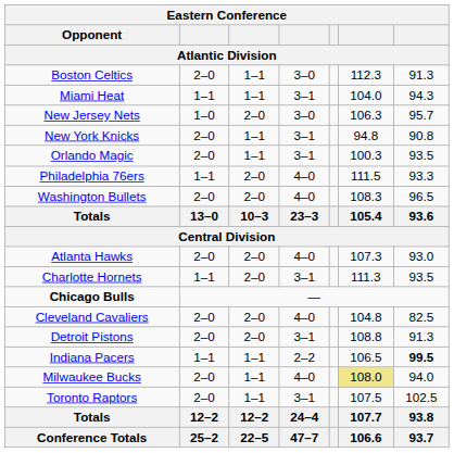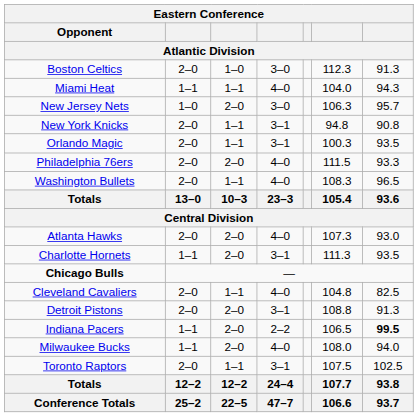 <table class="wikitable" style="font-size:95%;text-align:center;width:35em">
 <tr>
 <th colspan="7">Eastern Conference</th>
 </tr>
 <tr>
 <th>Opponent</th>
 <th></th>
 <th></th>
 <th></th>
 <th></th>
 <th></th>
 <th></th>
 </tr>
 <tr>
 <th colspan="7">Atlantic Division</th>
 </tr>
 <tr>
 <td><a href='#'>Boston Celtics</a></td>
 <td>2–0</td>
-<td>1–1</td>
+<td>1–0</td>
 <td>3–0</td>
 <td></td>
 <td>112.3</td>
 <td>91.3</td>
 </tr>
 <tr>
 <td><a href='#'>Miami Heat</a></td>
 <td>1–1</td>
 <td>1–1</td>
-<td>3–1</td>
+<td>4–0</td>
 <td></td>
 <td>104.0</td>
 <td>94.3</td>
 </tr>
 <tr>
 <td><a href='#'>New Jersey Nets</a></td>
 <td>1–0</td>
 <td>2–0</td>
 <td>3–0</td>
 <td></td>
 <td>106.3</td>
 <td>95.7</td>
 </tr>
 <tr>
 <td><a href='#'>New York Knicks</a></td>
 <td>2–0</td>
 <td>1–1</td>
 <td>3–1</td>
 <td></td>
 <td>94.8</td>
 <td>90.8</td>
 </tr>
 <tr>
 <td><a href='#'>Orlando Magic</a></td>
 <td>2–0</td>
 <td>1–1</td>
 <td>3–1</td>
 <td></td>
 <td>100.3</td>
 <td>93.5</td>
 </tr>
 <tr>
 <td><a href='#'>Philadelphia 76ers</a></td>
-<td>1–1</td>
+<td>2–0</td>
 <td>2–0</td>
 <td>4–0</td>
 <td></td>
 <td>111.5</td>
 <td>93.3</td>
 </tr>
 <tr>
 <td><a href='#'>Washington Bullets</a></td>
 <td>2–0</td>
-<td>2–0</td>
+<td>1–1</td>
 <td>4–0</td>
 <td></td>
 <td>108.3</td>
 <td>96.5</td>
 </tr>
 <tr>
 <th>Totals</th>
 <th>13–0</th>
 <th>10–3</th>
 <th>23–3</th>
 <th></th>
 <th>105.4</th>
 <th>93.6</th>
 </tr>
 <tr>
 <th colspan="7">Central Division</th>
 </tr>
 <tr>
 <td><a href='#'>Atlanta Hawks</a></td>
 <td>2–0</td>
 <td>2–0</td>
 <td>4–0</td>
 <td></td>
 <td>107.3</td>
 <td>93.0</td>
 </tr>
 <tr>
 <td><a href='#'>Charlotte Hornets</a></td>
 <td>1–1</td>
 <td>2–0</td>
 <td>3–1</td>
 <td></td>
 <td>111.3</td>
 <td>93.5</td>
 </tr>
 <tr>
 <td><strong>Chicago Bulls</strong></td>
 <td colspan="6">—</td>
 </tr>
 <tr>
 <td><a href='#'>Cleveland Cavaliers</a></td>
 <td>2–0</td>
-<td>2–0</td>
+<td>1–1</td>
 <td>4–0</td>
 <td></td>
 <td>104.8</td>
 <td>82.5</td>
 </tr>
 <tr>
 <td><a href='#'>Detroit Pistons</a></td>
 <td>2–0</td>
 <td>2–0</td>
 <td>3–1</td>
 <td></td>
 <td>108.8</td>
 <td>91.3</td>
 </tr>
 <tr>
 <td><a href='#'>Indiana Pacers</a></td>
 <td>1–1</td>
-<td>1–1</td>
+<td>2–0</td>
 <td>2–2</td>
 <td></td>
 <td>106.5</td>
 <td><strong>99.5</strong></td>
 </tr>
 <tr>
 <td><a href='#'>Milwaukee Bucks</a></td>
+<td>1–1</td>
 <td>2–0</td>
-<td>1–1</td>
 <td>4–0</td>
 <td></td>
-<td style="background: khaki;">108.0</td>
+<td>108.0</td>
 <td>94.0</td>
 </tr>
 <tr>
 <td><a href='#'>Toronto Raptors</a></td>
 <td>2–0</td>
 <td>1–1</td>
 <td>3–1</td>
 <td></td>
 <td>107.5</td>
 <td>102.5</td>
 </tr>
 <tr>
 <th>Totals</th>
 <th>12–2</th>
 <th>12–2</th>
 <th>24–4</th>
 <th></th>
 <th>107.7</th>
 <th>93.8</th>
 </tr>
 <tr>
 <th>Conference Totals</th>
 <th>25–2</th>
 <th>22–5</th>
 <th>47–7</th>
 <th></th>
 <th>106.6</th>
 <th>93.7</th>
 </tr>
 </table>
